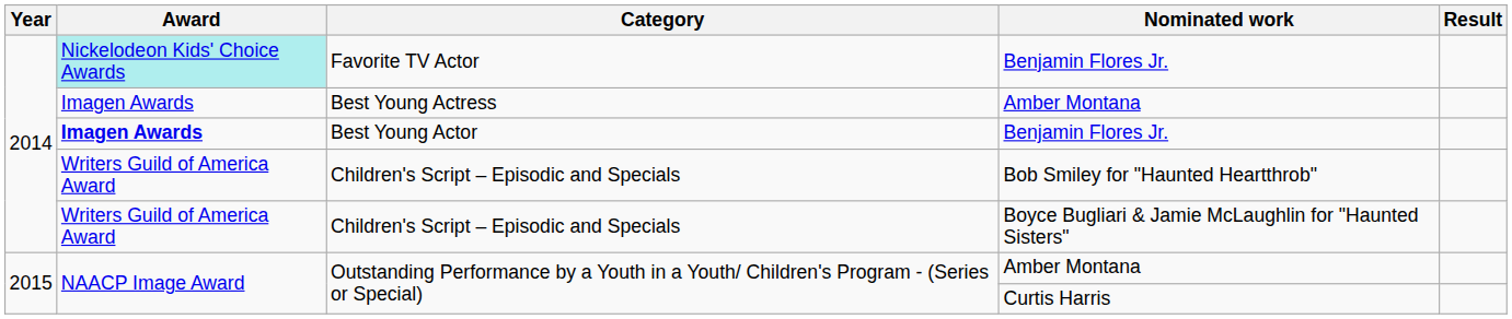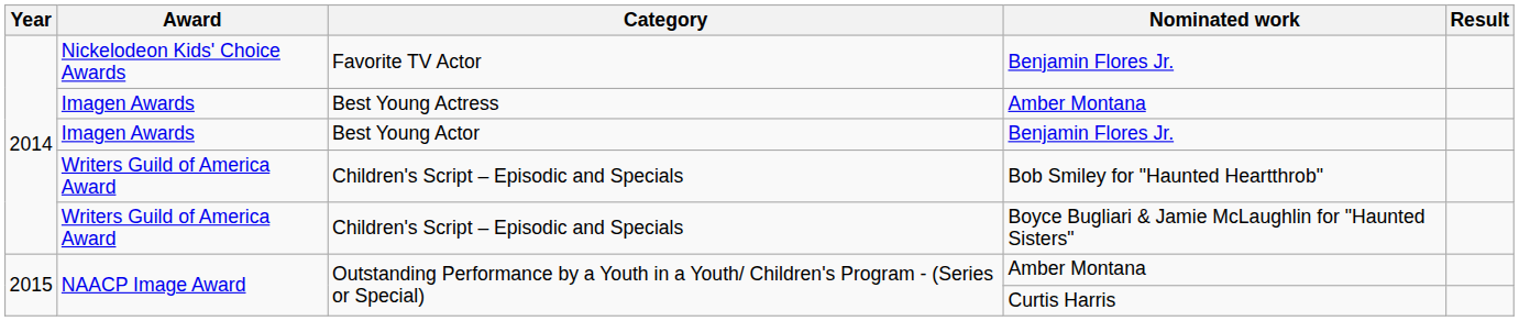 <table class="wikitable sortable">
 <tr>
 <th>Year</th>
 <th>Award</th>
 <th>Category</th>
 <th class="unsortable">Nominated work</th>
 <th>Result</th>
 </tr>
 <tr>
 <td rowspan="5">2014</td>
-<td style="background: paleturquoise;"><a href='#'>Nickelodeon Kids' Choice Awards</a></td>
+<td><a href='#'>Nickelodeon Kids' Choice Awards</a></td>
 <td>Favorite TV Actor</td>
 <td><a href='#'>Benjamin Flores Jr.</a></td>
 <td></td>
 </tr>
 <tr>
 <td><a href='#'>Imagen Awards</a></td>
 <td>Best Young Actress</td>
 <td><a href='#'>Amber Montana</a></td>
 <td></td>
 </tr>
 <tr>
-<td><strong><a href='#'>Imagen Awards</a></strong></td>
+<td><a href='#'>Imagen Awards</a></td>
 <td>Best Young Actor</td>
 <td><a href='#'>Benjamin Flores Jr.</a></td>
 <td></td>
 </tr>
 <tr>
 <td><a href='#'>Writers Guild of America Award</a></td>
 <td>Children's Script – Episodic and Specials</td>
 <td>Bob Smiley for "Haunted Heartthrob"</td>
 <td></td>
 </tr>
 <tr>
 <td><a href='#'>Writers Guild of America Award</a></td>
 <td>Children's Script – Episodic and Specials</td>
 <td>Boyce Bugliari & Jamie McLaughlin for "Haunted Sisters"</td>
 <td></td>
 </tr>
 <tr>
 <td rowspan="2">2015</td>
 <td rowspan="2"><a href='#'>NAACP Image Award</a></td>
 <td rowspan="2">Outstanding Performance by a Youth in a Youth/ Children's Program - (Series or Special)</td>
 <td>Amber Montana</td>
 <td></td>
 </tr>
 <tr>
 <td>Curtis Harris</td>
 <td></td>
 </tr>
 </table>
